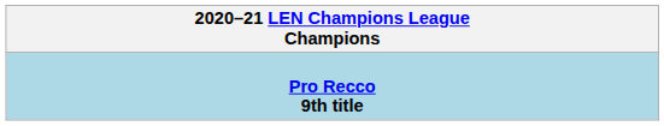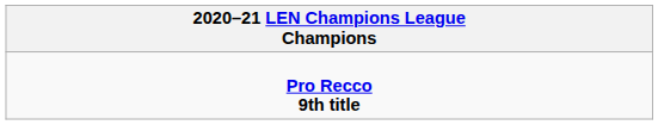 <table class="wikitable" style="margin: 0 auto; width: 30%;">
 <tr>
 <th>2020–21 <a href='#'>LEN Champions League</a><br>Champions</th>
 </tr>
 <tr>
-<td align="center" style="background: lightblue;"><br><strong><a href='#'>Pro Recco</a></strong><br><strong>9th title</strong></td>
+<td align="center"><br><strong><a href='#'>Pro Recco</a></strong><br><strong>9th title</strong></td>
 </tr>
 </table>
